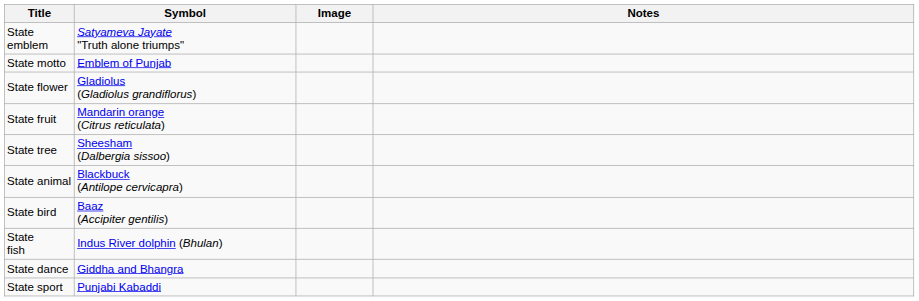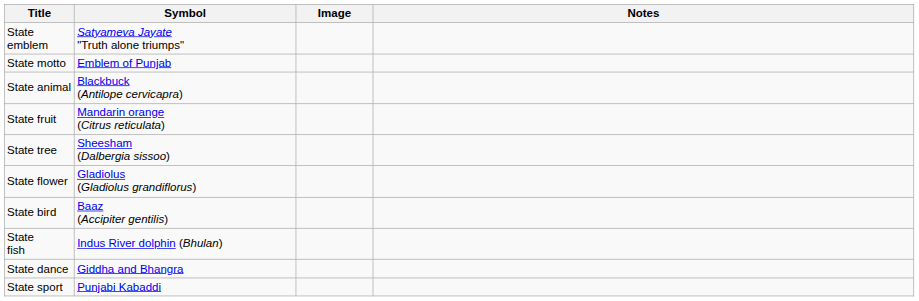 <table class="wikitable" style="width: 100%;">
 <tr>
 <th width=90>Title</th>
 <th style="width:300px;">Symbol</th>
 <th width=100>Image</th>
 <th>Notes</th>
 </tr>
 <tr>
 <td>State emblem</td>
 <td><em><a href='#'>Satyameva Jayate</a></em><br>"Truth alone triumps"</td>
 <td style="text-align:center;"></td>
 <td></td>
 </tr>
 <tr>
 <td>State motto</td>
 <td><a href='#'>Emblem of Punjab</a></td>
 <td></td>
 <td></td>
 </tr>
 <tr>
-<td>State flower</td>
-<td><a href='#'>Gladiolus</a><br>(<em>Gladiolus grandiflorus</em>)</td>
+<td>State animal</td>
+<td><a href='#'>Blackbuck</a><br>(<em>Antilope cervicapra</em>)</td>
 <td style="text-align:center;"></td>
 <td></td>
 </tr>
 <tr>
 <td>State fruit</td>
 <td><a href='#'>Mandarin orange</a><br>(<em>Citrus reticulata</em>)</td>
 <td style="text-align:center;"><br></td>
 <td></td>
 </tr>
 <tr>
 <td>State tree</td>
 <td><a href='#'>Sheesham</a><br>(<em>Dalbergia sissoo</em>)</td>
 <td style="text-align:center;"></td>
 <td></td>
 </tr>
 <tr>
-<td>State animal</td>
-<td><a href='#'>Blackbuck</a><br>(<em>Antilope cervicapra</em>)</td>
+<td>State flower</td>
+<td><a href='#'>Gladiolus</a><br>(<em>Gladiolus grandiflorus</em>)</td>
 <td style="text-align:center;"></td>
 <td></td>
 </tr>
 <tr>
 <td>State bird</td>
 <td><a href='#'>Baaz</a><br>(<em>Accipiter gentilis</em>)</td>
 <td style="text-align:center;"></td>
 <td></td>
 </tr>
 <tr>
 <td>State<br>fish</td>
 <td><a href='#'>Indus River dolphin</a> (<em>Bhulan</em>)</td>
 <td style="text-align:center;"></td>
 <td></td>
 </tr>
 <tr>
 <td>State dance</td>
 <td><a href='#'>Giddha and Bhangra</a></td>
 <td style="text-align:center;"></td>
 <td></td>
 </tr>
 <tr>
 <td>State sport</td>
 <td><a href='#'>Punjabi Kabaddi</a><br></td>
 <td style="text-align:center;"></td>
 <td></td>
 </tr>
 </table>
